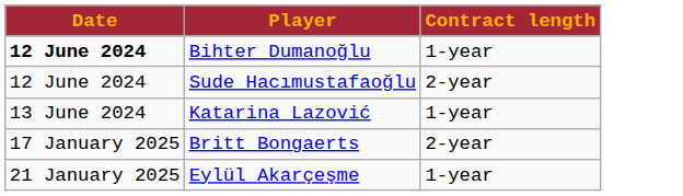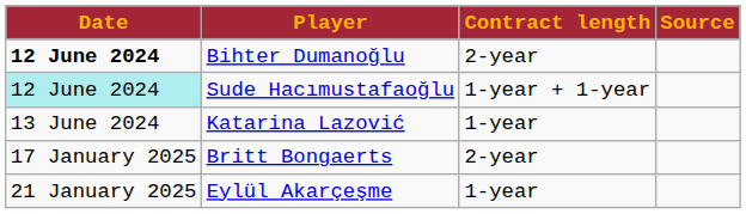 <table class="wikitable plainrowheaders sortable">
 <tr>
 <th style="background:#A32638; color:#FFB300; ">Date</th>
 <th style="background:#A32638; color:#FFB300; ">Player</th>
 <th style="background:#A32638; color:#FFB300; ">Contract length</th>
+<th style="background:#A32638; color:#FFB300; ">Source</th>
 </tr>
 <tr>
 <td><strong>12 June 2024</strong></td>
 <td align=left> <a href='#'>Bihter Dumanoğlu</a></td>
-<td>1-year</td>
+<td>2-year</td>
+<td></td>
 </tr>
 <tr>
-<td>12 June 2024</td>
+<td style="background: paleturquoise;">12 June 2024</td>
 <td align=left> <a href='#'>Sude Hacımustafaoğlu</a></td>
-<td>2-year</td>
+<td>1-year + 1-year</td>
+<td></td>
 </tr>
 <tr>
 <td>13 June 2024</td>
 <td align=left> <a href='#'>Katarina Lazović</a></td>
 <td>1-year</td>
+<td></td>
 </tr>
 <tr>
 <td>17 January 2025</td>
 <td align=left> <a href='#'>Britt Bongaerts</a></td>
 <td>2-year</td>
+<td></td>
 </tr>
 <tr>
 <td>21 January 2025</td>
 <td align=left> <a href='#'>Eylül Akarçeşme</a></td>
 <td>1-year</td>
+<td></td>
 </tr>
 </table>
